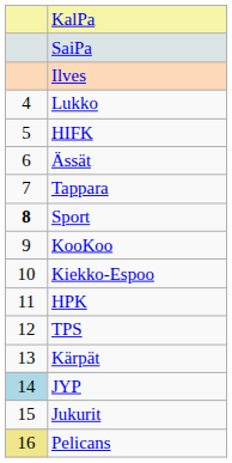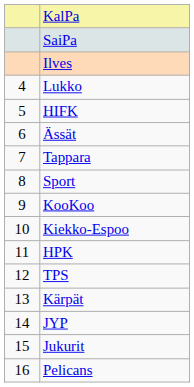 <table class="wikitable" style="width:200px;">
 <tr style="background:#F7F6A8;">
 <td align=center></td>
 <td><a href='#'>KalPa</a></td>
 </tr>
 <tr style="background:#DCE5E5;">
 <td align=center></td>
 <td><a href='#'>SaiPa</a></td>
 </tr>
 <tr style="background:#FFDAB9;">
 <td align=center></td>
 <td><a href='#'>Ilves</a></td>
 </tr>
 <tr>
 <td align=center>4</td>
 <td><a href='#'>Lukko</a></td>
 </tr>
 <tr>
 <td align=center>5</td>
 <td><a href='#'>HIFK</a></td>
 </tr>
 <tr>
 <td align=center>6</td>
 <td><a href='#'>Ässät</a></td>
 </tr>
 <tr>
 <td align=center>7</td>
 <td><a href='#'>Tappara</a></td>
 </tr>
 <tr>
-<td align=center><strong>8</strong></td>
+<td align=center>8</td>
 <td><a href='#'>Sport</a></td>
 </tr>
 <tr>
 <td align=center>9</td>
 <td><a href='#'>KooKoo</a></td>
 </tr>
 <tr>
 <td align=center>10</td>
 <td><a href='#'>Kiekko-Espoo</a></td>
 </tr>
 <tr>
 <td align=center>11</td>
 <td><a href='#'>HPK</a></td>
 </tr>
 <tr>
 <td align=center>12</td>
 <td><a href='#'>TPS</a></td>
 </tr>
 <tr>
 <td align=center>13</td>
 <td><a href='#'>Kärpät</a></td>
 </tr>
 <tr>
-<td align=center style="background: lightblue;">14</td>
+<td align=center>14</td>
 <td><a href='#'>JYP</a></td>
 </tr>
 <tr>
 <td align=center>15</td>
 <td><a href='#'>Jukurit</a></td>
 </tr>
 <tr>
-<td align=center style="background: khaki;">16</td>
+<td align=center>16</td>
 <td><a href='#'>Pelicans</a></td>
 </tr>
 </table>
